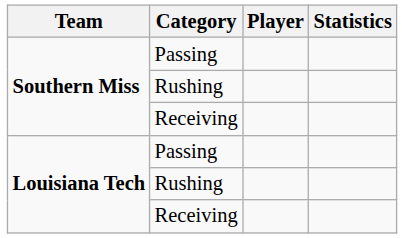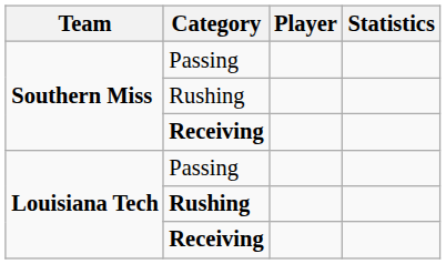 <table class="wikitable" style="float: right;">
 <tr>
 <th>Team</th>
 <th>Category</th>
 <th>Player</th>
 <th>Statistics</th>
 </tr>
 <tr>
 <td rowspan=3><strong>Southern Miss</strong></td>
 <td>Passing</td>
 <td></td>
 <td></td>
 </tr>
 <tr>
 <td>Rushing</td>
 <td></td>
 <td></td>
 </tr>
 <tr>
-<td>Receiving</td>
+<td><strong>Receiving</strong></td>
 <td></td>
 <td></td>
 </tr>
 <tr>
 <td rowspan=3><strong>Louisiana Tech</strong></td>
 <td>Passing</td>
 <td></td>
 <td></td>
 </tr>
 <tr>
-<td>Rushing</td>
+<td><strong>Rushing</strong></td>
 <td></td>
 <td></td>
 </tr>
 <tr>
-<td>Receiving</td>
+<td><strong>Receiving</strong></td>
 <td></td>
 <td></td>
 </tr>
 </table>
